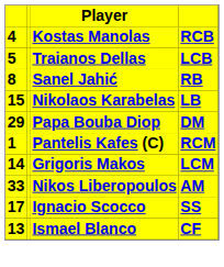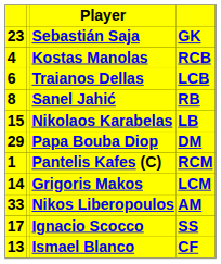 <table class="toccolours" border="0" cellpadding="2" cellspacing="0" align="center" style="margin: 0.5em 0 1em 1em; background: #000000; border: 1px #aaaaaa solid;">
 <tr bgcolor=#FFFF00>
 <th></th>
 <th></th>
 <th>Player</th>
 <th></th>
 </tr>
 <tr bgcolor=#FFFF00>
+<td><strong>23</strong></td>
+<td></td>
+<td><a href='#'><span><strong>Sebastián Saja</strong></span></a></td>
+<td><a href='#'><strong>GK</strong></a></td>
+</tr>
+<tr bgcolor=#FFFF00>
 <td><strong>4</strong></td>
 <td></td>
 <td><a href='#'><span><strong>Kostas Manolas</strong></span></a></td>
 <td><a href='#'><strong>RCB</strong></a></td>
 </tr>
 <tr bgcolor=#FFFF00>
-<td><strong>5</strong></td>
+<td><strong>6</strong></td>
 <td></td>
 <td><a href='#'><span><strong>Traianos Dellas</strong></span></a></td>
 <td><a href='#'><strong>LCB</strong></a></td>
 </tr>
 <tr bgcolor=#FFFF00>
 <td><strong>8</strong></td>
 <td></td>
 <td><a href='#'><span><strong>Sanel Jahić</strong></span></a></td>
 <td><a href='#'><strong>RB</strong></a></td>
 </tr>
 <tr bgcolor=#FFFF00>
 <td><strong>15</strong></td>
 <td></td>
 <td><a href='#'><span><strong>Nikolaos Karabelas</strong></span></a></td>
 <td><a href='#'><strong>LB</strong></a></td>
 </tr>
 <tr bgcolor=#FFFF00>
 <td><strong>29</strong></td>
 <td></td>
 <td><a href='#'><span><strong>Papa Bouba Diop</strong></span></a></td>
 <td><a href='#'><strong>DM</strong></a></td>
 </tr>
 <tr bgcolor=#FFFF00>
 <td><strong>1</strong></td>
 <td></td>
 <td><a href='#'><span><strong>Pantelis Kafes</strong></span></a> <strong>(C)</strong></td>
 <td><a href='#'><strong>RCM</strong></a></td>
 </tr>
 <tr bgcolor=#FFFF00>
 <td><strong>14</strong></td>
 <td></td>
 <td><a href='#'><span><strong>Grigoris Makos</strong></span></a></td>
 <td><a href='#'><strong>LCM</strong></a></td>
 </tr>
 <tr bgcolor=#FFFF00>
 <td><strong>33</strong></td>
 <td></td>
 <td><a href='#'><span><strong>Nikos Liberopoulos</strong></span></a></td>
 <td><a href='#'><strong>AM</strong></a></td>
 </tr>
 <tr bgcolor=#FFFF00>
 <td><strong>17</strong></td>
 <td></td>
 <td><a href='#'><span><strong>Ignacio Scocco</strong></span></a></td>
 <td><a href='#'><strong>SS</strong></a></td>
 </tr>
 <tr bgcolor=#FFFF00>
 <td><strong>13</strong></td>
 <td></td>
 <td><a href='#'><span><strong>Ismael Blanco</strong></span></a></td>
 <td><a href='#'><strong>CF</strong></a></td>
 </tr>
 </table>
